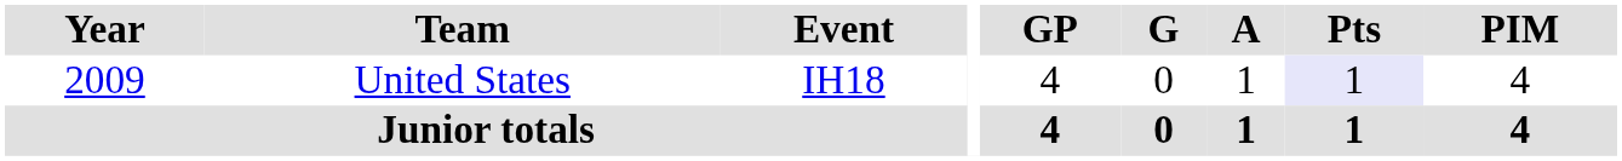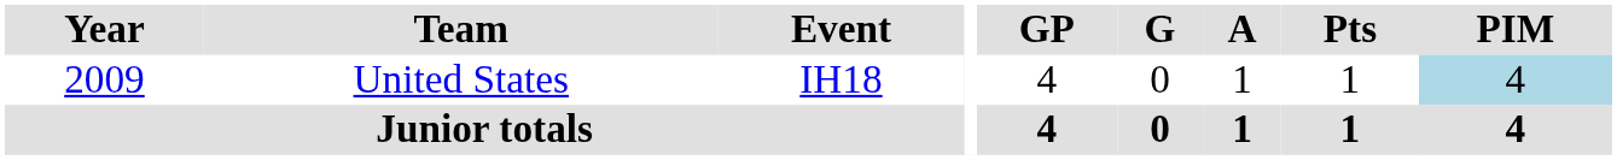 <table border="0" cellpadding="1" cellspacing="0" ID="Table3" style="text-align:center; width:40em;">
 <tr bgcolor="#e0e0e0">
 <th>Year</th>
 <th>Team</th>
 <th>Event</th>
 <th rowspan="99" bgcolor="#ffffff"></th>
 <th>GP</th>
 <th>G</th>
 <th>A</th>
 <th>Pts</th>
 <th>PIM</th>
 </tr>
 <tr>
 <td><a href='#'>2009</a></td>
 <td><a href='#'>United States</a></td>
 <td><a href='#'>IH18</a></td>
 <td>4</td>
 <td>0</td>
 <td>1</td>
-<td style="background: lavender;">1</td>
-<td>4</td>
+<td>1</td>
+<td style="background: lightblue;">4</td>
 </tr>
 <tr bgcolor="#e0e0e0">
 <th colspan="3">Junior totals</th>
 <th>4</th>
 <th>0</th>
 <th>1</th>
 <th>1</th>
 <th>4</th>
 </tr>
 </table>
